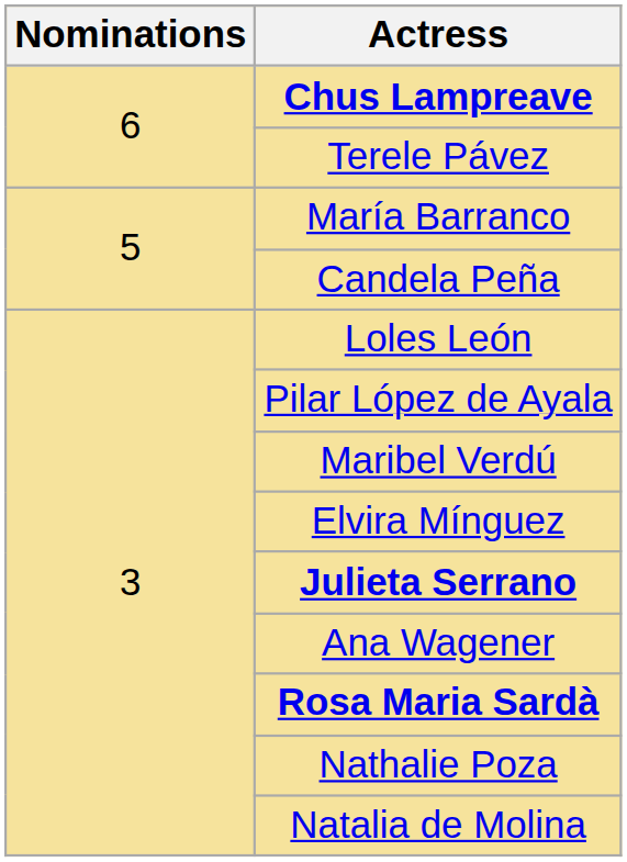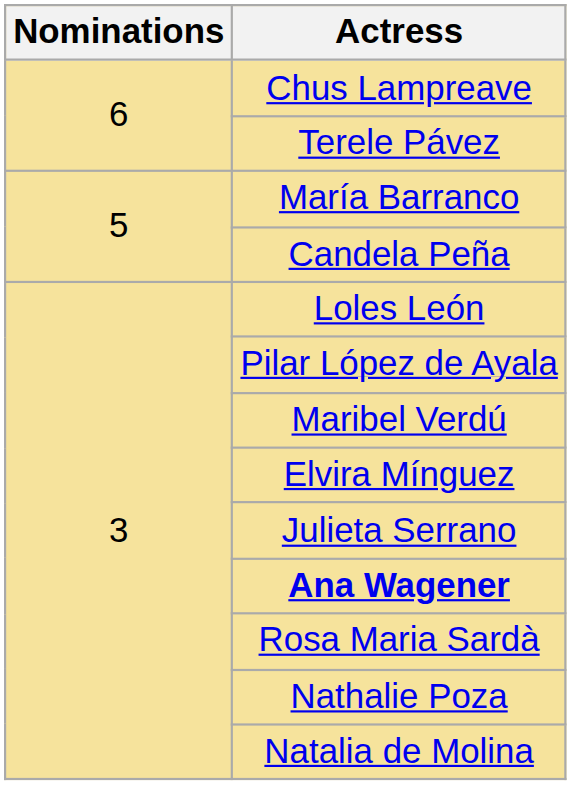 <table class="wikitable" rowspan=2 style="text-align: center; background: #f6e39c">
 <tr>
 <th scope="col" width="55">Nominations</th>
 <th scope="col" align="center">Actress</th>
 </tr>
 <tr>
 <td rowspan=2 style="text-align:center">6</td>
-<td><strong><a href='#'>Chus Lampreave</a></strong></td>
+<td><a href='#'>Chus Lampreave</a></td>
 </tr>
 <tr>
 <td><a href='#'>Terele Pávez</a></td>
 </tr>
 <tr>
 <td rowspan=2 style="text-align:center">5</td>
 <td><a href='#'>María Barranco</a></td>
 </tr>
 <tr>
 <td><a href='#'>Candela Peña</a></td>
 </tr>
 <tr>
 <td rowspan=9 style="text-align:center">3</td>
 <td><a href='#'>Loles León</a></td>
 </tr>
 <tr>
 <td><a href='#'>Pilar López de Ayala</a></td>
 </tr>
 <tr>
 <td><a href='#'>Maribel Verdú</a></td>
 </tr>
 <tr>
 <td><a href='#'>Elvira Mínguez</a></td>
 </tr>
 <tr>
-<td><strong><a href='#'>Julieta Serrano</a></strong></td>
+<td><a href='#'>Julieta Serrano</a></td>
 </tr>
 <tr>
-<td><a href='#'>Ana Wagener</a></td>
+<td><strong><a href='#'>Ana Wagener</a></strong></td>
 </tr>
 <tr>
-<td><strong><a href='#'>Rosa Maria Sardà</a></strong></td>
+<td><a href='#'>Rosa Maria Sardà</a></td>
 </tr>
 <tr>
 <td><a href='#'>Nathalie Poza</a></td>
 </tr>
 <tr>
 <td><a href='#'>Natalia de Molina</a></td>
 </tr>
 </table>
